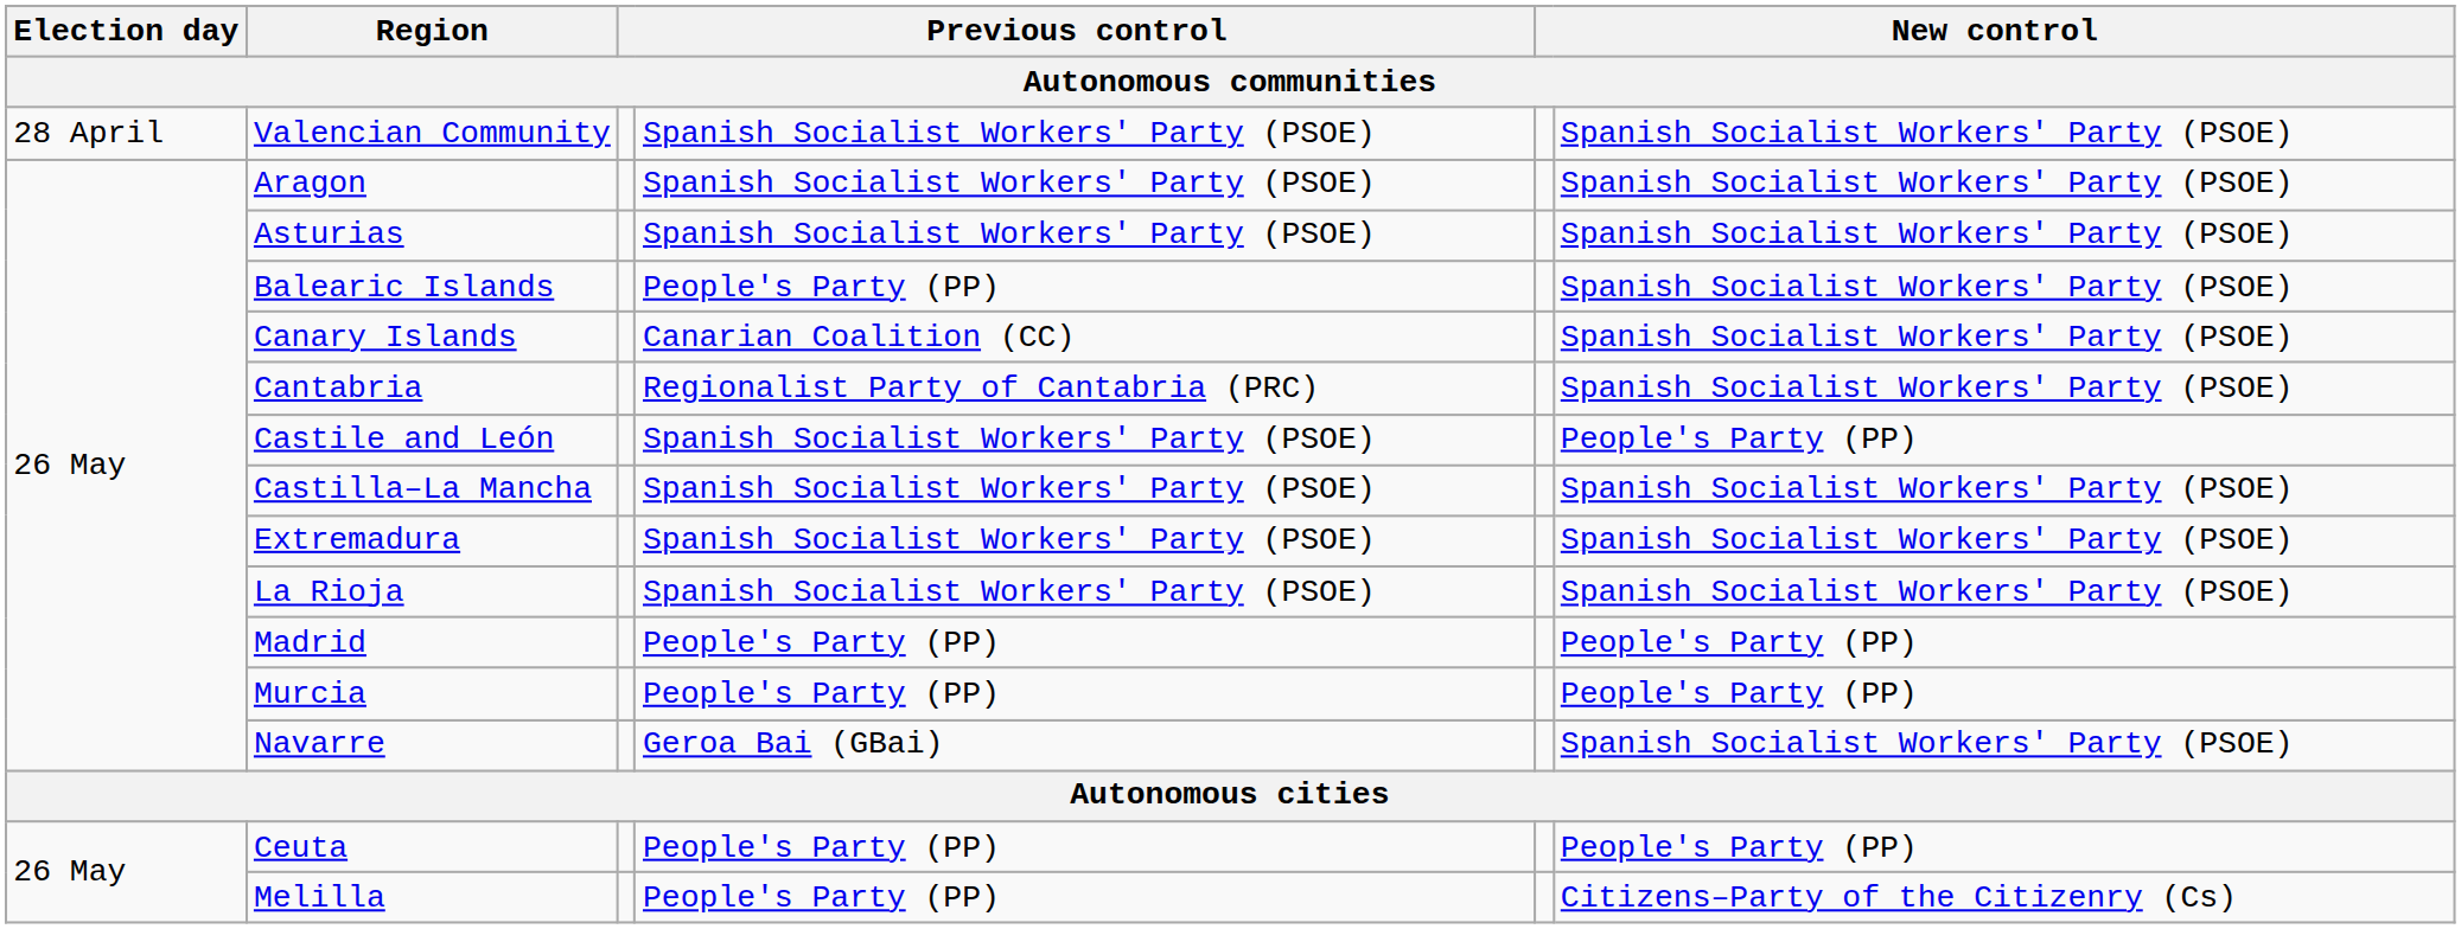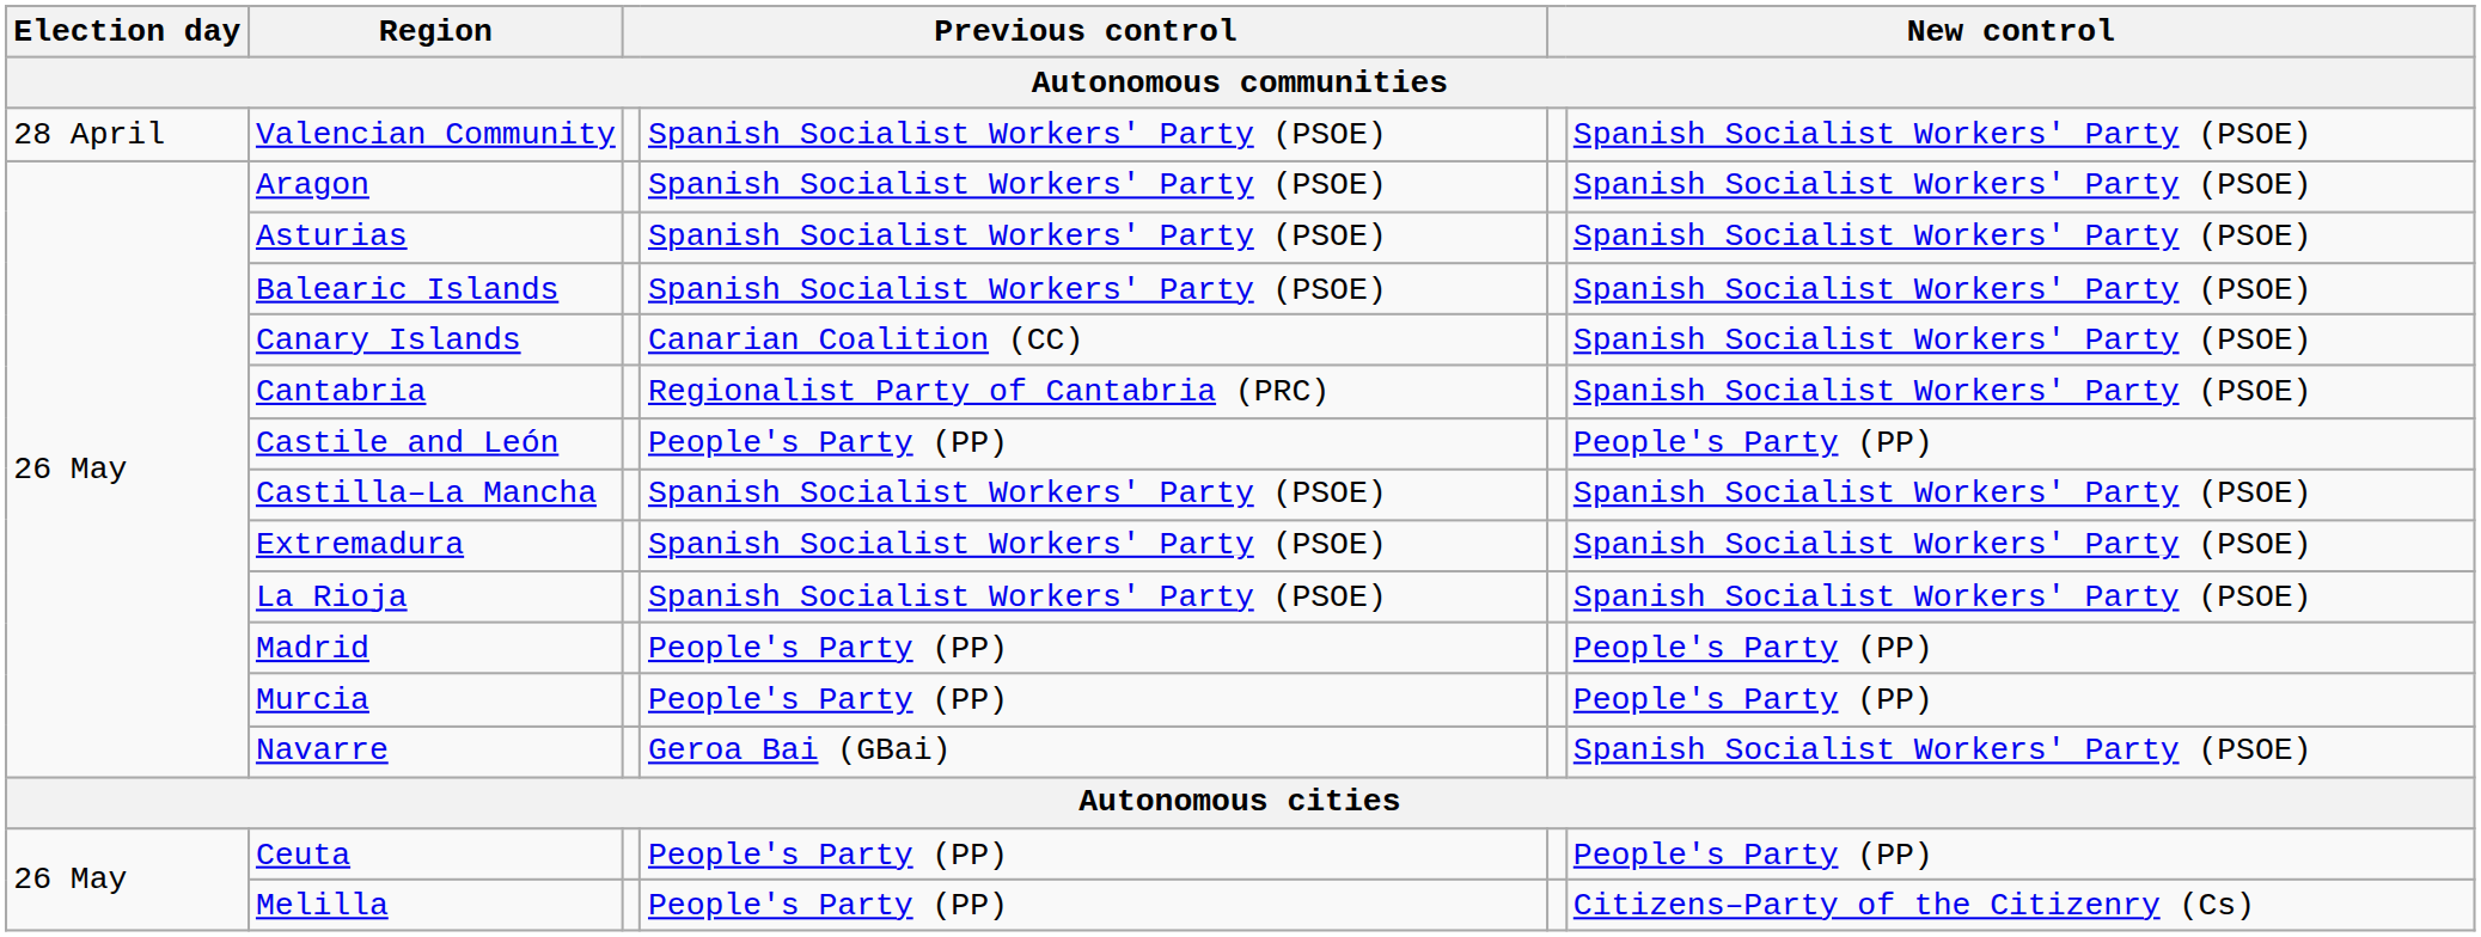 <table class="wikitable">
 <tr>
 <th>Election day</th>
 <th>Region</th>
 <th colspan="2" style="width:375px;">Previous control</th>
 <th colspan="2" style="width:375px;">New control</th>
 </tr>
 <tr>
 <th colspan="6">Autonomous communities</th>
 </tr>
 <tr>
 <td>28 April</td>
 <td><a href='#'>Valencian Community</a></td>
 <td width="1" style="color:inherit;background:"></td>
 <td><a href='#'>Spanish Socialist Workers' Party</a> (PSOE)</td>
 <td width="1" style="color:inherit;background:"></td>
 <td><a href='#'>Spanish Socialist Workers' Party</a> (PSOE)</td>
 </tr>
 <tr>
 <td rowspan="12">26 May</td>
 <td><a href='#'>Aragon</a></td>
 <td style="color:inherit;background:"></td>
 <td><a href='#'>Spanish Socialist Workers' Party</a> (PSOE)</td>
 <td style="color:inherit;background:"></td>
 <td><a href='#'>Spanish Socialist Workers' Party</a> (PSOE)</td>
 </tr>
 <tr>
 <td><a href='#'>Asturias</a></td>
 <td style="color:inherit;background:"></td>
 <td><a href='#'>Spanish Socialist Workers' Party</a> (PSOE)</td>
 <td style="color:inherit;background:"></td>
 <td><a href='#'>Spanish Socialist Workers' Party</a> (PSOE)</td>
 </tr>
 <tr>
 <td><a href='#'>Balearic Islands</a></td>
 <td style="color:inherit;background:"></td>
-<td><a href='#'>People's Party</a> (PP)</td>
+<td><a href='#'>Spanish Socialist Workers' Party</a> (PSOE)</td>
 <td style="color:inherit;background:"></td>
 <td><a href='#'>Spanish Socialist Workers' Party</a> (PSOE)</td>
 </tr>
 <tr>
 <td><a href='#'>Canary Islands</a></td>
 <td style="color:inherit;background:"></td>
 <td><a href='#'>Canarian Coalition</a> (CC)</td>
 <td style="color:inherit;background:"></td>
 <td><a href='#'>Spanish Socialist Workers' Party</a> (PSOE)</td>
 </tr>
 <tr>
 <td><a href='#'>Cantabria</a></td>
 <td style="color:inherit;background:"></td>
 <td><a href='#'>Regionalist Party of Cantabria</a> (PRC)</td>
 <td style="color:inherit;background:"></td>
 <td><a href='#'>Spanish Socialist Workers' Party</a> (PSOE)</td>
 </tr>
 <tr>
 <td><a href='#'>Castile and León</a></td>
 <td style="color:inherit;background:"></td>
-<td><a href='#'>Spanish Socialist Workers' Party</a> (PSOE)</td>
+<td><a href='#'>People's Party</a> (PP)</td>
 <td style="color:inherit;background:"></td>
 <td><a href='#'>People's Party</a> (PP)</td>
 </tr>
 <tr>
 <td><a href='#'>Castilla–La Mancha</a></td>
 <td style="color:inherit;background:"></td>
 <td><a href='#'>Spanish Socialist Workers' Party</a> (PSOE)</td>
 <td style="color:inherit;background:"></td>
 <td><a href='#'>Spanish Socialist Workers' Party</a> (PSOE)</td>
 </tr>
 <tr>
 <td><a href='#'>Extremadura</a></td>
 <td style="color:inherit;background:"></td>
 <td><a href='#'>Spanish Socialist Workers' Party</a> (PSOE)</td>
 <td style="color:inherit;background:"></td>
 <td><a href='#'>Spanish Socialist Workers' Party</a> (PSOE)</td>
 </tr>
 <tr>
 <td><a href='#'>La Rioja</a></td>
 <td style="color:inherit;background:"></td>
 <td><a href='#'>Spanish Socialist Workers' Party</a> (PSOE)</td>
 <td style="color:inherit;background:"></td>
 <td><a href='#'>Spanish Socialist Workers' Party</a> (PSOE)</td>
 </tr>
 <tr>
 <td><a href='#'>Madrid</a></td>
 <td style="color:inherit;background:"></td>
 <td><a href='#'>People's Party</a> (PP)</td>
 <td style="color:inherit;background:"></td>
 <td><a href='#'>People's Party</a> (PP)</td>
 </tr>
 <tr>
 <td><a href='#'>Murcia</a></td>
 <td style="color:inherit;background:"></td>
 <td><a href='#'>People's Party</a> (PP)</td>
 <td style="color:inherit;background:"></td>
 <td><a href='#'>People's Party</a> (PP)</td>
 </tr>
 <tr>
 <td><a href='#'>Navarre</a></td>
 <td style="color:inherit;background:"></td>
 <td><a href='#'>Geroa Bai</a> (GBai)</td>
 <td style="color:inherit;background:"></td>
 <td><a href='#'>Spanish Socialist Workers' Party</a> (PSOE)</td>
 </tr>
 <tr>
 <th colspan="6">Autonomous cities</th>
 </tr>
 <tr>
 <td rowspan="2">26 May</td>
 <td><a href='#'>Ceuta</a></td>
 <td style="color:inherit;background:"></td>
 <td><a href='#'>People's Party</a> (PP)</td>
 <td style="color:inherit;background:"></td>
 <td><a href='#'>People's Party</a> (PP)</td>
 </tr>
 <tr>
 <td><a href='#'>Melilla</a></td>
 <td style="color:inherit;background:"></td>
 <td><a href='#'>People's Party</a> (PP)</td>
 <td style="color:inherit;background:"></td>
 <td><a href='#'>Citizens–Party of the Citizenry</a> (Cs)</td>
 </tr>
 </table>
